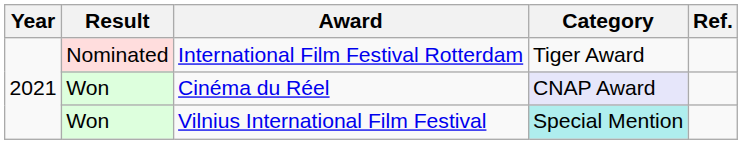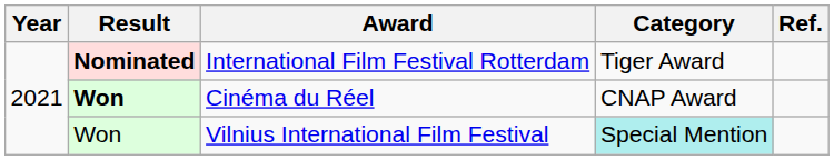 <table class="wikitable">
 <tr>
 <th>Year</th>
 <th>Result</th>
 <th>Award</th>
 <th>Category</th>
 <th>Ref.</th>
 </tr>
 <tr>
 <td rowspan="3">2021</td>
-<td style="background: #ffdddd">Nominated</td>
+<td style="background: #ffdddd"><strong>Nominated</strong></td>
 <td><a href='#'>International Film Festival Rotterdam</a></td>
 <td>Tiger Award</td>
 <td></td>
 </tr>
 <tr>
-<td style="background: #ddffdd">Won</td>
+<td style="background: #ddffdd"><strong>Won</strong></td>
 <td><a href='#'>Cinéma du Réel</a></td>
-<td style="background: lavender;">CNAP Award</td>
+<td>CNAP Award</td>
 <td></td>
 </tr>
 <tr>
 <td style="background: #ddffdd">Won</td>
 <td><a href='#'>Vilnius International Film Festival</a></td>
 <td style="background: paleturquoise;">Special Mention</td>
 <td></td>
 </tr>
 </table>
